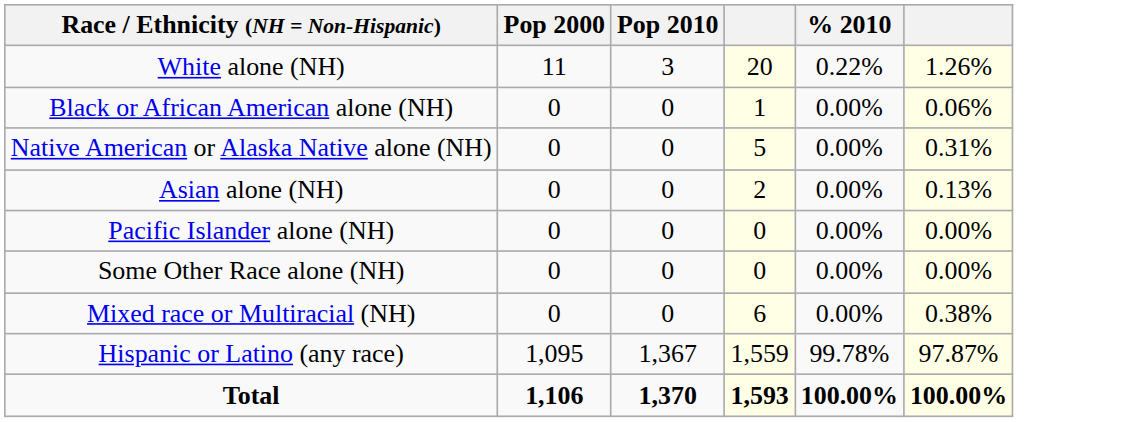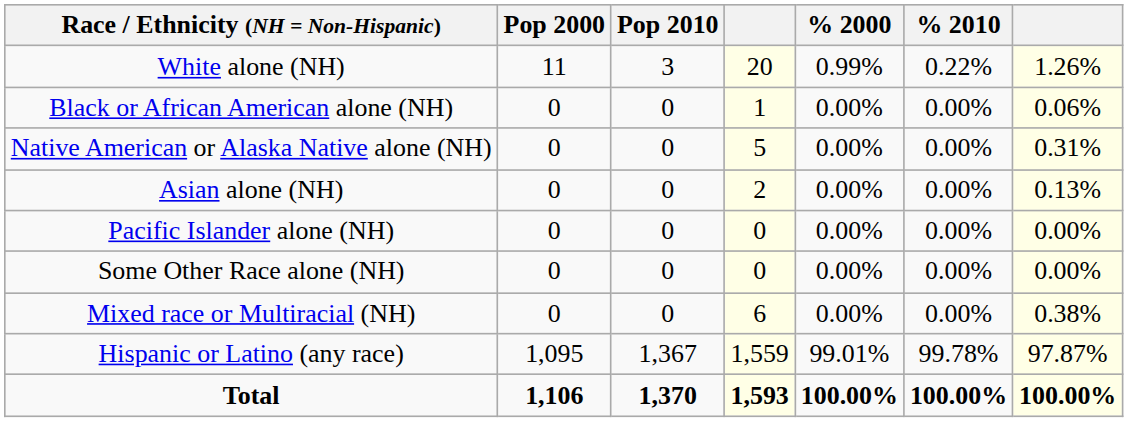 <table class="wikitable" style="text-align:center;">
 <tr>
 <th>Race / Ethnicity <small>(<em>NH = Non-Hispanic</em>)</small></th>
 <th>Pop 2000</th>
 <th>Pop 2010</th>
 <th></th>
+<th>% 2000</th>
 <th>% 2010</th>
 <th></th>
 </tr>
 <tr>
 <td><a href='#'>White</a> alone (NH)</td>
 <td>11</td>
 <td>3</td>
 <td style='background: #ffffe6;'>20</td>
+<td>0.99%</td>
 <td>0.22%</td>
 <td style='background: #ffffe6;'>1.26%</td>
 </tr>
 <tr>
 <td><a href='#'>Black or African American</a> alone (NH)</td>
 <td>0</td>
 <td>0</td>
 <td style='background: #ffffe6;'>1</td>
 <td>0.00%</td>
+<td>0.00%</td>
 <td style='background: #ffffe6;'>0.06%</td>
 </tr>
 <tr>
 <td><a href='#'>Native American</a> or <a href='#'>Alaska Native</a> alone (NH)</td>
 <td>0</td>
 <td>0</td>
 <td style='background: #ffffe6;'>5</td>
+<td>0.00%</td>
 <td>0.00%</td>
 <td style='background: #ffffe6;'>0.31%</td>
 </tr>
 <tr>
 <td><a href='#'>Asian</a> alone (NH)</td>
 <td>0</td>
 <td>0</td>
 <td style='background: #ffffe6;'>2</td>
 <td>0.00%</td>
+<td>0.00%</td>
 <td style='background: #ffffe6;'>0.13%</td>
 </tr>
 <tr>
 <td><a href='#'>Pacific Islander</a> alone (NH)</td>
 <td>0</td>
 <td>0</td>
 <td style='background: #ffffe6;'>0</td>
+<td>0.00%</td>
 <td>0.00%</td>
 <td style='background: #ffffe6;'>0.00%</td>
 </tr>
 <tr>
 <td>Some Other Race alone (NH)</td>
 <td>0</td>
 <td>0</td>
 <td style='background: #ffffe6;'>0</td>
 <td>0.00%</td>
+<td>0.00%</td>
 <td style='background: #ffffe6;'>0.00%</td>
 </tr>
 <tr>
 <td><a href='#'>Mixed race or Multiracial</a> (NH)</td>
 <td>0</td>
 <td>0</td>
 <td style='background: #ffffe6;'>6</td>
 <td>0.00%</td>
+<td>0.00%</td>
 <td style='background: #ffffe6;'>0.38%</td>
 </tr>
 <tr>
 <td><a href='#'>Hispanic or Latino</a> (any race)</td>
 <td>1,095</td>
 <td>1,367</td>
 <td style='background: #ffffe6;'>1,559</td>
+<td>99.01%</td>
 <td>99.78%</td>
 <td style='background: #ffffe6;'>97.87%</td>
 </tr>
 <tr>
 <td><strong>Total</strong></td>
 <td><strong>1,106</strong></td>
 <td><strong>1,370</strong></td>
 <td style='background: #ffffe6;'><strong>1,593</strong></td>
 <td><strong>100.00%</strong></td>
+<td><strong>100.00%</strong></td>
 <td style='background: #ffffe6;'><strong>100.00%</strong></td>
 </tr>
 </table>
